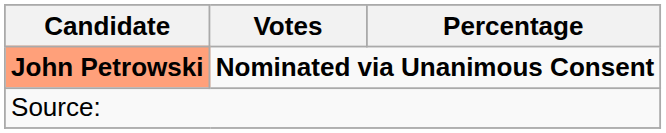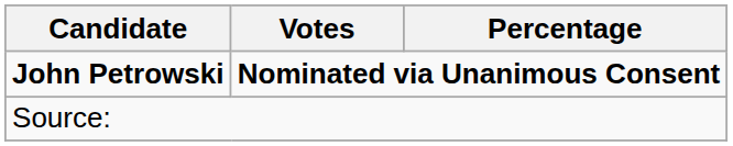 <table class="wikitable sortable tpl-blanktable" style="font-size:90%;text-align:center;">
 <tr>
 <th rowspan="2">Candidate</th>
 <th rowspan="2">Votes</th>
 <th rowspan="2">Percentage</th>
 </tr>
 <tr>
 </tr>
 <tr>
-<td style="background: lightsalmon; text-align:left;"><strong>John Petrowski</strong></td>
+<td style="text-align:left;"><strong>John Petrowski</strong></td>
 <td colspan="2"><strong>Nominated via Unanimous Consent</strong></td>
 </tr>
 <tr>
 <td colspan="5" style="text-align:left;">Source:</td>
 </tr>
 </table>
